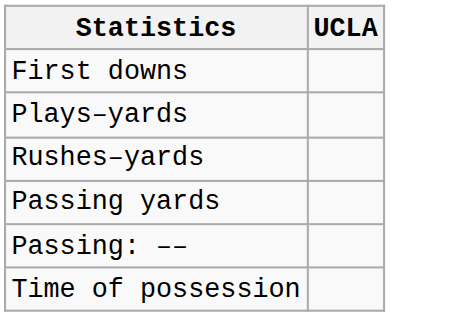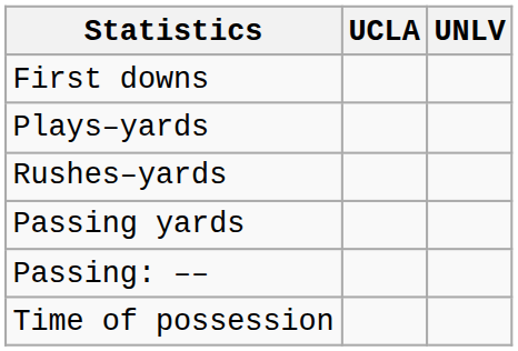 <table class="wikitable" style="float:left">
 <tr>
 <th>Statistics</th>
 <th>UCLA</th>
+<th>UNLV</th>
 </tr>
 <tr>
 <td>First downs</td>
+<td></td>
 <td></td>
 </tr>
 <tr>
 <td>Plays–yards</td>
 <td></td>
+<td></td>
 </tr>
 <tr>
 <td>Rushes–yards</td>
+<td></td>
 <td></td>
 </tr>
 <tr>
 <td>Passing yards</td>
 <td></td>
+<td></td>
 </tr>
 <tr>
 <td>Passing: ––</td>
+<td></td>
 <td></td>
 </tr>
 <tr>
 <td>Time of possession</td>
 <td></td>
+<td></td>
 </tr>
 </table>
